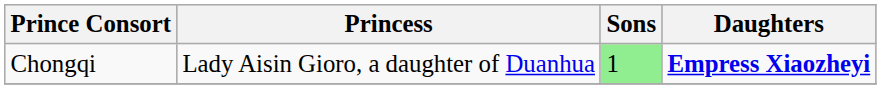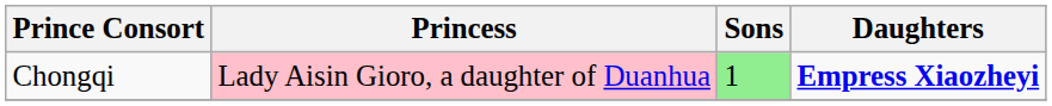 <table class="wikitable">
 <tr>
 <th>Prince Consort</th>
 <th>Princess</th>
 <th>Sons</th>
 <th>Daughters</th>
 </tr>
 <tr>
 <td>Chongqi</td>
-<td>Lady Aisin Gioro, a daughter of <a href='#'>Duanhua</a></td>
+<td style="background: pink;">Lady Aisin Gioro, a daughter of <a href='#'>Duanhua</a></td>
 <td style="background: lightgreen;">1</td>
 <td><strong><a href='#'>Empress Xiaozheyi</a></strong></td>
 </tr>
 <tr>
 </tr>
 </table>
